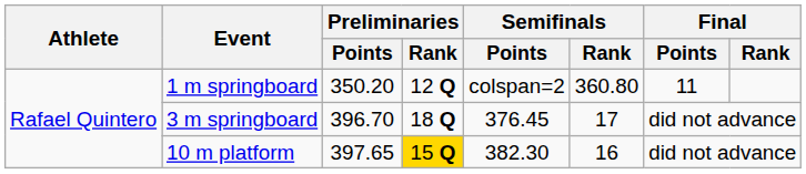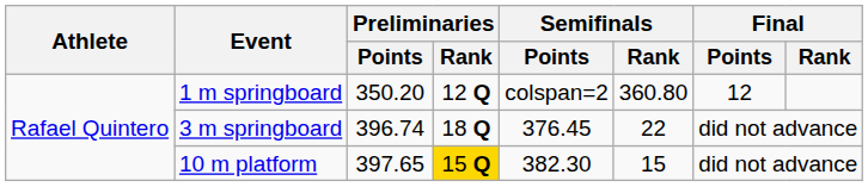 <table class=wikitable style="font-size:90%;">
 <tr>
 <th rowspan="2">Athlete</th>
 <th rowspan="2">Event</th>
 <th colspan="2">Preliminaries</th>
 <th colspan="2">Semifinals</th>
 <th colspan="2">Final</th>
 </tr>
 <tr style="font-size:95%">
 <th>Points</th>
 <th>Rank</th>
 <th>Points</th>
 <th>Rank</th>
 <th>Points</th>
 <th>Rank</th>
 </tr>
 <tr align=center>
 <td align=left rowspan=3><a href='#'>Rafael Quintero</a></td>
 <td align=left><a href='#'>1 m springboard</a></td>
 <td>350.20</td>
 <td>12 <strong>Q</strong></td>
 <td>colspan=2 </td>
 <td>360.80</td>
-<td>11</td>
+<td>12</td>
 </tr>
 <tr align=center>
 <td align=left><a href='#'>3 m springboard</a></td>
-<td>396.70</td>
+<td>396.74</td>
 <td>18 <strong>Q</strong></td>
 <td>376.45</td>
-<td>17</td>
+<td>22</td>
 <td colspan=2>did not advance</td>
 </tr>
 <tr align=center>
 <td align=left><a href='#'>10 m platform</a></td>
 <td>397.65</td>
 <td style="background: gold;">15 <strong>Q</strong></td>
 <td>382.30</td>
-<td>16</td>
+<td>15</td>
 <td colspan=2>did not advance</td>
 </tr>
 </table>
